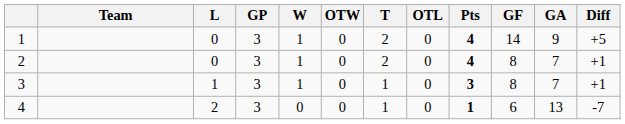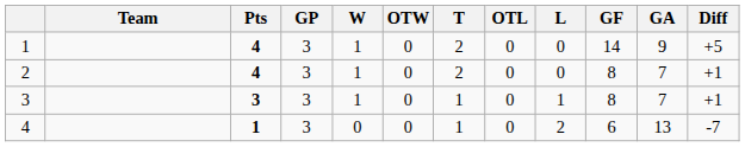 <table class="wikitable" style="text-align:center;">
 <tr>
 <th width=30></th>
 <th width=165>Team</th>
-<th width=40>L</th>
+<th width=40>Pts</th>
 <th width=40>GP</th>
 <th width=40>W</th>
 <th width=40>OTW</th>
 <th width=40>T</th>
 <th width=40>OTL</th>
-<th width=40>Pts</th>
+<th width=40>L</th>
 <th width=40>GF</th>
 <th width=40>GA</th>
 <th width=40>Diff</th>
 </tr>
 <tr>
 <td>1</td>
 <td style="text-align:left;"></td>
-<td>0</td>
+<td><strong>4</strong></td>
 <td>3</td>
 <td>1</td>
 <td>0</td>
 <td>2</td>
 <td>0</td>
-<td><strong>4</strong></td>
+<td>0</td>
 <td>14</td>
 <td>9</td>
 <td>+5</td>
 </tr>
 <tr>
 <td>2</td>
 <td style="text-align:left;"></td>
-<td>0</td>
+<td><strong>4</strong></td>
 <td>3</td>
 <td>1</td>
 <td>0</td>
 <td>2</td>
 <td>0</td>
-<td><strong>4</strong></td>
+<td>0</td>
 <td>8</td>
 <td>7</td>
 <td>+1</td>
 </tr>
 <tr>
 <td>3</td>
 <td style="text-align:left;"></td>
-<td>1</td>
+<td><strong>3</strong></td>
 <td>3</td>
 <td>1</td>
 <td>0</td>
 <td>1</td>
 <td>0</td>
-<td><strong>3</strong></td>
+<td>1</td>
 <td>8</td>
 <td>7</td>
 <td>+1</td>
 </tr>
 <tr>
 <td>4</td>
 <td style="text-align:left;"></td>
-<td>2</td>
+<td><strong>1</strong></td>
 <td>3</td>
 <td>0</td>
 <td>0</td>
 <td>1</td>
 <td>0</td>
-<td><strong>1</strong></td>
+<td>2</td>
 <td>6</td>
 <td>13</td>
 <td>-7</td>
 </tr>
 </table>
